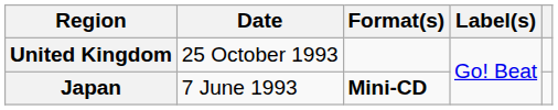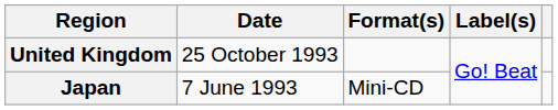 <table class="wikitable plainrowheaders">
 <tr>
 <th scope="col">Region</th>
 <th scope="col">Date</th>
 <th scope="col">Format(s)</th>
 <th scope="col">Label(s)</th>
 <th scope="col"></th>
 </tr>
 <tr>
 <th scope="row">United Kingdom</th>
 <td>25 October 1993</td>
 <td></td>
 <td rowspan="2"><a href='#'>Go! Beat</a></td>
 <td></td>
 </tr>
 <tr>
 <th scope="row">Japan</th>
 <td>7 June 1993</td>
-<td><strong>Mini-CD</strong></td>
+<td>Mini-CD</td>
 <td></td>
 </tr>
 </table>
